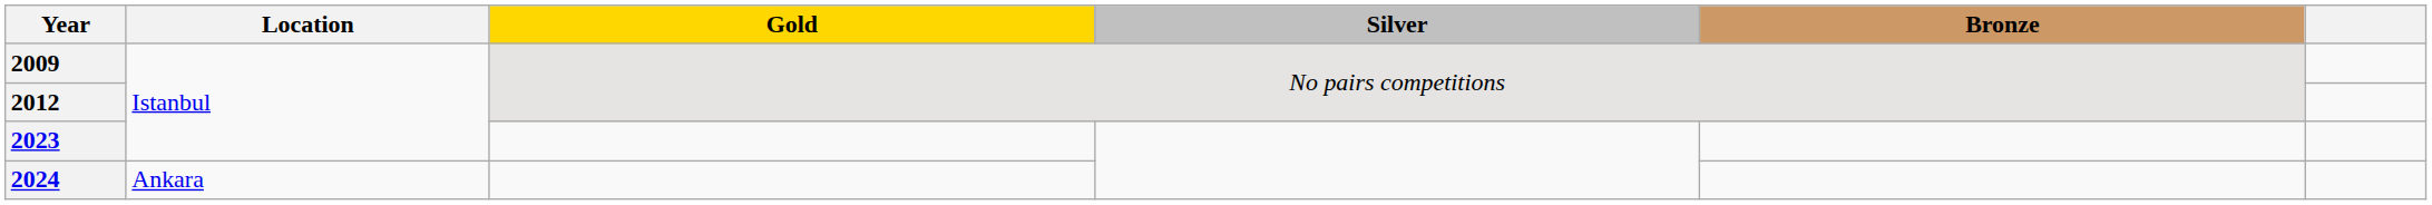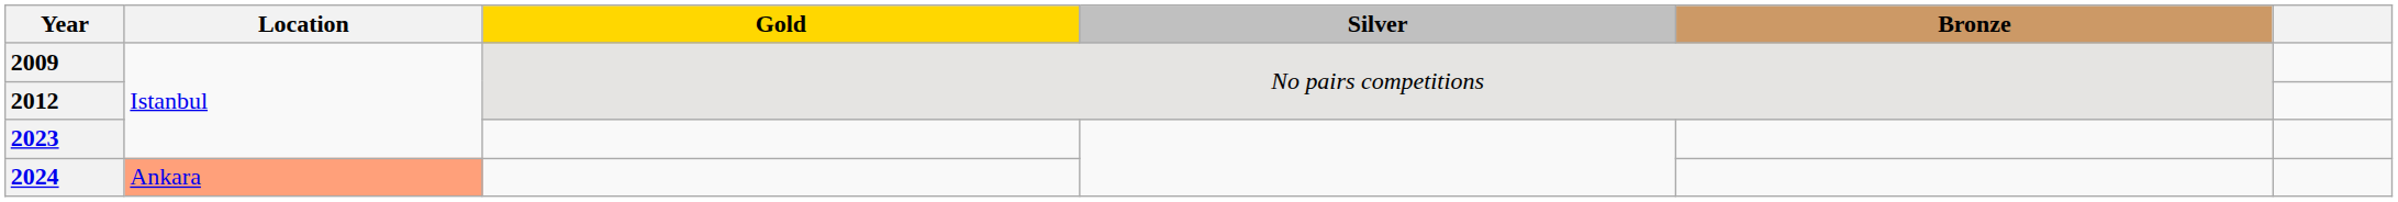 <table class="wikitable unsortable" style="text-align:left; width:80%">
 <tr>
 <th scope="col" style="text-align:center; width:5%">Year</th>
 <th scope="col" style="text-align:center; width:15%">Location</th>
 <th scope="col" style="text-align:center; width:25%; background:gold">Gold</th>
 <th scope="col" style="text-align:center; width:25%; background:silver">Silver</th>
 <th scope="col" style="text-align:center; width:25%; background:#c96">Bronze</th>
 <th scope="col" style="text-align:center; width:5%"></th>
 </tr>
 <tr>
 <th scope="row" style="text-align:left">2009</th>
 <td rowspan="3"><a href='#'>Istanbul</a></td>
 <td colspan="3" rowspan="2" bgcolor="e5e4e2" align="center"><em>No pairs competitions</em></td>
 <td></td>
 </tr>
 <tr>
 <th scope="row" style="text-align:left">2012</th>
 <td></td>
 </tr>
 <tr>
 <th scope="row" style="text-align:left"><a href='#'>2023</a></th>
 <td></td>
 <td rowspan="2"></td>
 <td></td>
 <td></td>
 </tr>
 <tr>
 <th scope="row" style="text-align:left"><a href='#'>2024</a></th>
-<td><a href='#'>Ankara</a></td>
+<td style="background: lightsalmon;"><a href='#'>Ankara</a></td>
 <td></td>
 <td></td>
 <td></td>
 </tr>
 </table>
